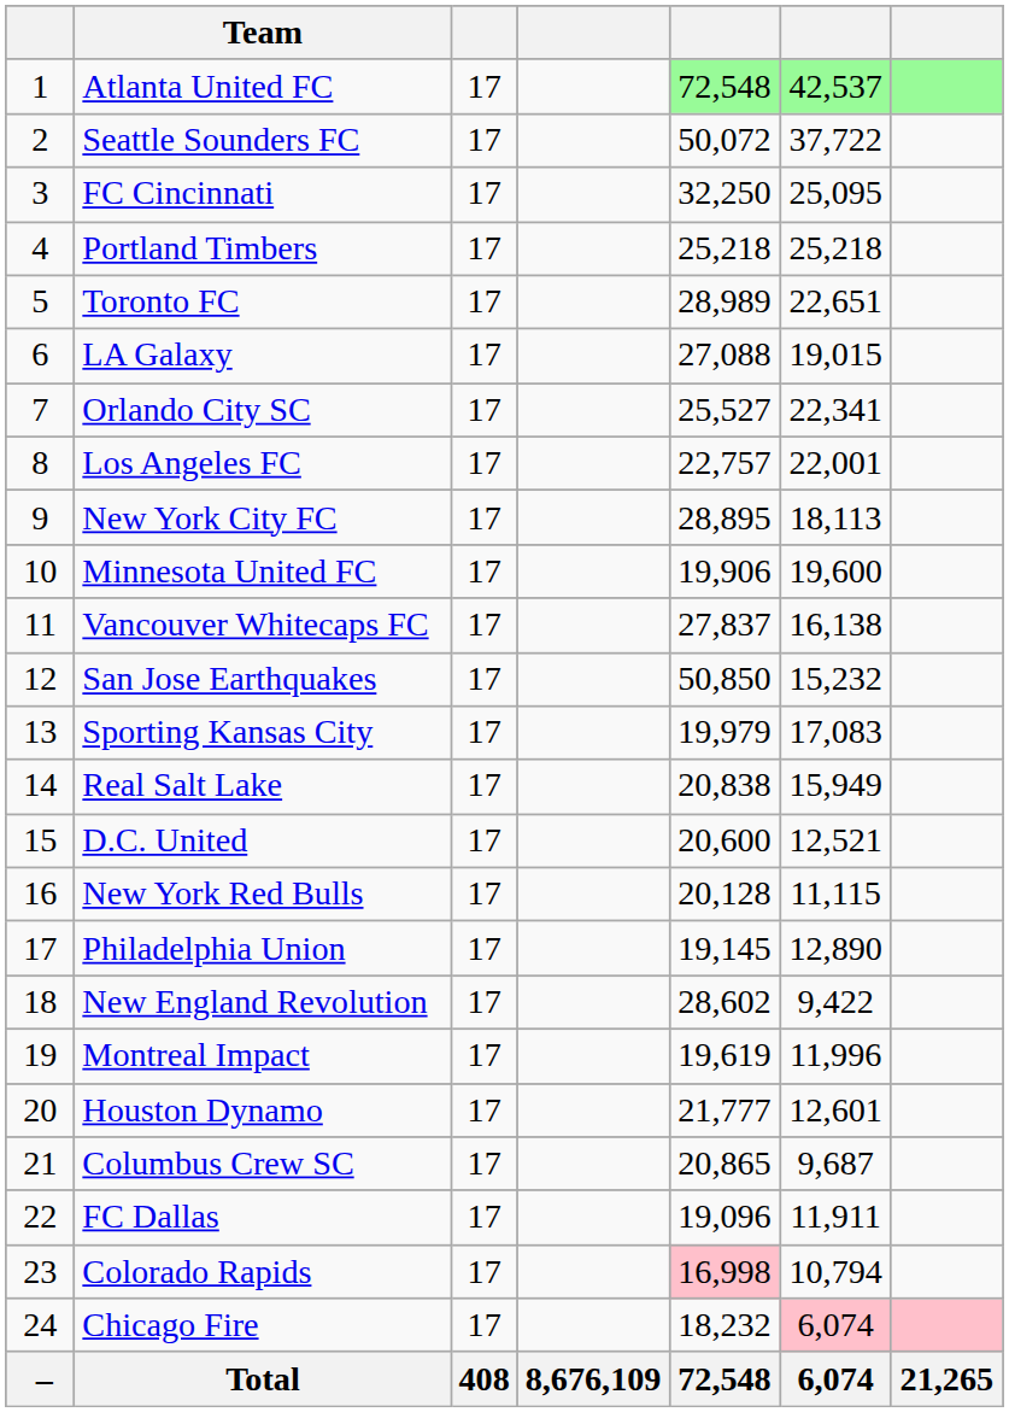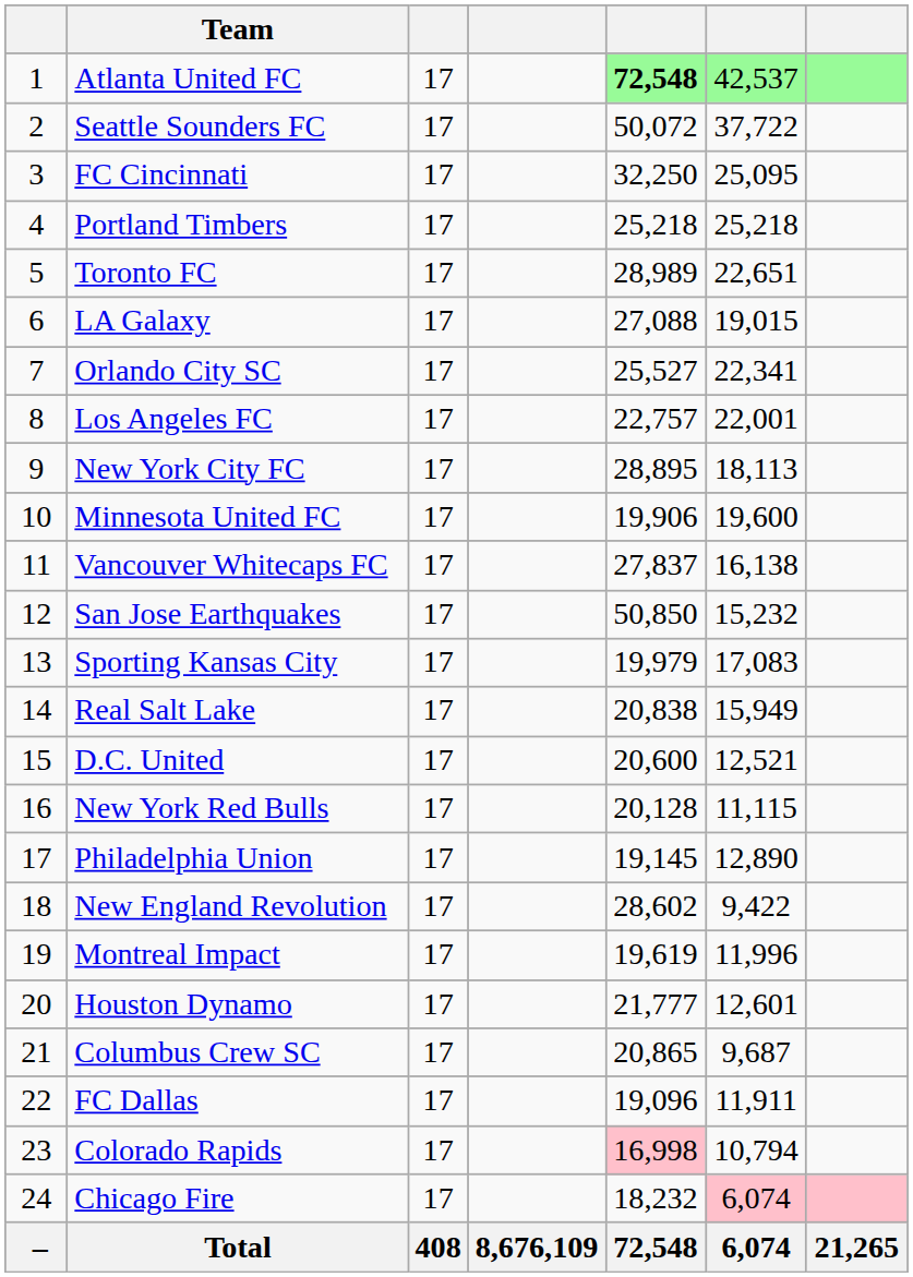 <table class="wikitable sortable">
 <tr>
 <th width=25></th>
 <th width=170>Team</th>
 <th></th>
 <th width=45></th>
 <th width=45></th>
 <th width=45></th>
 <th width=45></th>
 </tr>
 <tr>
 <td align=center>1</td>
 <td><a href='#'>Atlanta United FC</a></td>
 <td align="center">17</td>
 <td align="center"></td>
-<td align="center" bgcolor="#98fb98">72,548</td>
+<td align="center" bgcolor="#98fb98"><strong>72,548</strong></td>
 <td align="center" bgcolor="#98fb98">42,537</td>
 <td align="center" bgcolor="#98fb98"></td>
 </tr>
 <tr>
 <td align=center>2</td>
 <td><a href='#'>Seattle Sounders FC</a></td>
 <td align="center">17</td>
 <td align="center"></td>
 <td align="center">50,072</td>
 <td align="center">37,722</td>
 <td align="center"></td>
 </tr>
 <tr>
 <td align=center>3</td>
 <td><a href='#'>FC Cincinnati</a></td>
 <td align="center">17</td>
 <td align="center"></td>
 <td align="center">32,250</td>
 <td align="center">25,095</td>
 <td align="center"></td>
 </tr>
 <tr>
 <td align=center>4</td>
 <td><a href='#'>Portland Timbers</a></td>
 <td align="center">17</td>
 <td align="center"></td>
 <td align="center">25,218</td>
 <td align="center">25,218</td>
 <td align="center"></td>
 </tr>
 <tr>
 <td align=center>5</td>
 <td><a href='#'>Toronto FC</a></td>
 <td align="center">17</td>
 <td align="center"></td>
 <td align="center">28,989</td>
 <td align="center">22,651</td>
 <td align="center"></td>
 </tr>
 <tr>
 <td align=center>6</td>
 <td><a href='#'>LA Galaxy</a></td>
 <td align="center">17</td>
 <td align="center"></td>
 <td align="center">27,088</td>
 <td align="center">19,015</td>
 <td align="center"></td>
 </tr>
 <tr>
 <td align=center>7</td>
 <td><a href='#'>Orlando City SC</a></td>
 <td align="center">17</td>
 <td align="center"></td>
 <td align="center">25,527</td>
 <td align="center">22,341</td>
 <td align="center"></td>
 </tr>
 <tr>
 <td align=center>8</td>
 <td><a href='#'>Los Angeles FC</a></td>
 <td align="center">17</td>
 <td align="center"></td>
 <td align="center">22,757</td>
 <td align="center">22,001</td>
 <td align="center"></td>
 </tr>
 <tr>
 <td align=center>9</td>
 <td><a href='#'>New York City FC</a></td>
 <td align="center">17</td>
 <td align="center"></td>
 <td align="center">28,895</td>
 <td align="center">18,113</td>
 <td align="center"></td>
 </tr>
 <tr>
 <td align=center>10</td>
 <td><a href='#'>Minnesota United FC</a></td>
 <td align="center">17</td>
 <td align="center"></td>
 <td align="center">19,906</td>
 <td align="center">19,600</td>
 <td align="center"></td>
 </tr>
 <tr>
 <td align=center>11</td>
 <td><a href='#'>Vancouver Whitecaps FC</a></td>
 <td align="center">17</td>
 <td align="center"></td>
 <td align="center">27,837</td>
 <td align="center">16,138</td>
 <td align="center"></td>
 </tr>
 <tr>
 <td align=center>12</td>
 <td><a href='#'>San Jose Earthquakes</a></td>
 <td align="center">17</td>
 <td align="center"></td>
 <td align="center">50,850</td>
 <td align="center">15,232</td>
 <td align="center"></td>
 </tr>
 <tr>
 <td align=center>13</td>
 <td><a href='#'>Sporting Kansas City</a></td>
 <td align="center">17</td>
 <td align="center"></td>
 <td align="center">19,979</td>
 <td align="center">17,083</td>
 <td align="center"></td>
 </tr>
 <tr>
 <td align=center>14</td>
 <td><a href='#'>Real Salt Lake</a></td>
 <td align="center">17</td>
 <td align="center"></td>
 <td align="center">20,838</td>
 <td align="center">15,949</td>
 <td align="center"></td>
 </tr>
 <tr>
 <td align=center>15</td>
 <td><a href='#'>D.C. United</a></td>
 <td align="center">17</td>
 <td align="center"></td>
 <td align="center">20,600</td>
 <td align="center">12,521</td>
 <td align="center"></td>
 </tr>
 <tr>
 <td align=center>16</td>
 <td><a href='#'>New York Red Bulls</a></td>
 <td align="center">17</td>
 <td align="center"></td>
 <td align="center">20,128</td>
 <td align="center">11,115</td>
 <td align="center"></td>
 </tr>
 <tr>
 <td align=center>17</td>
 <td><a href='#'>Philadelphia Union</a></td>
 <td align="center">17</td>
 <td align="center"></td>
 <td align="center">19,145</td>
 <td align="center">12,890</td>
 <td align="center"></td>
 </tr>
 <tr>
 <td align=center>18</td>
 <td><a href='#'>New England Revolution</a></td>
 <td align="center">17</td>
 <td align="center"></td>
 <td align="center">28,602</td>
 <td align="center">9,422</td>
 <td align="center"></td>
 </tr>
 <tr>
 <td align=center>19</td>
 <td><a href='#'>Montreal Impact</a></td>
 <td align="center">17</td>
 <td align="center"></td>
 <td align="center">19,619</td>
 <td align="center">11,996</td>
 <td align="center"></td>
 </tr>
 <tr>
 <td align=center>20</td>
 <td><a href='#'>Houston Dynamo</a></td>
 <td align="center">17</td>
 <td align="center"></td>
 <td align="center">21,777</td>
 <td align="center">12,601</td>
 <td align="center"></td>
 </tr>
 <tr>
 <td align=center>21</td>
 <td><a href='#'>Columbus Crew SC</a></td>
 <td align="center">17</td>
 <td align="center"></td>
 <td align="center">20,865</td>
 <td align="center">9,687</td>
 <td align="center"></td>
 </tr>
 <tr>
 <td align=center>22</td>
 <td><a href='#'>FC Dallas</a></td>
 <td align="center">17</td>
 <td align="center"></td>
 <td align="center">19,096</td>
 <td align="center">11,911</td>
 <td align="center"></td>
 </tr>
 <tr>
 <td align=center>23</td>
 <td><a href='#'>Colorado Rapids</a></td>
 <td align="center">17</td>
 <td align="center"></td>
 <td align="center" bgcolor="#ffc0cb">16,998</td>
 <td align="center">10,794</td>
 <td align="center"></td>
 </tr>
 <tr>
 <td align=center>24</td>
 <td><a href='#'>Chicago Fire</a></td>
 <td align="center">17</td>
 <td align="center"></td>
 <td align="center">18,232</td>
 <td align="center" bgcolor="#ffc)cb">6,074</td>
 <td align="center" bgcolor="#ffc0cb"></td>
 </tr>
 <tr>
 <th align=center> –</th>
 <th>Total</th>
 <th align=center>408</th>
 <th align=center>8,676,109</th>
 <th align=center>72,548</th>
 <th align=center>6,074</th>
 <th align=center>21,265</th>
 </tr>
 </table>
